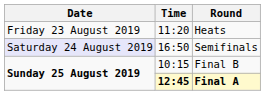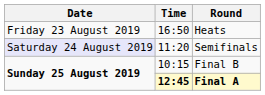 <table class="wikitable">
 <tr>
 <th>Date</th>
 <th>Time</th>
 <th>Round</th>
 </tr>
 <tr>
 <td>Friday 23 August 2019</td>
-<td>11:20</td>
+<td>16:50</td>
 <td>Heats</td>
 </tr>
 <tr>
 <td style="background: lavender;">Saturday 24 August 2019</td>
-<td>16:50</td>
+<td>11:20</td>
 <td>Semifinals</td>
 </tr>
 <tr>
 <td rowspan=2><strong>Sunday 25 August 2019</strong></td>
 <td>10:15</td>
 <td>Final B</td>
 </tr>
 <tr>
 <td style=background:lemonchiffon><strong>12:45</strong></td>
 <td style=background:lemonchiffon><strong>Final A</strong></td>
 </tr>
 </table>
